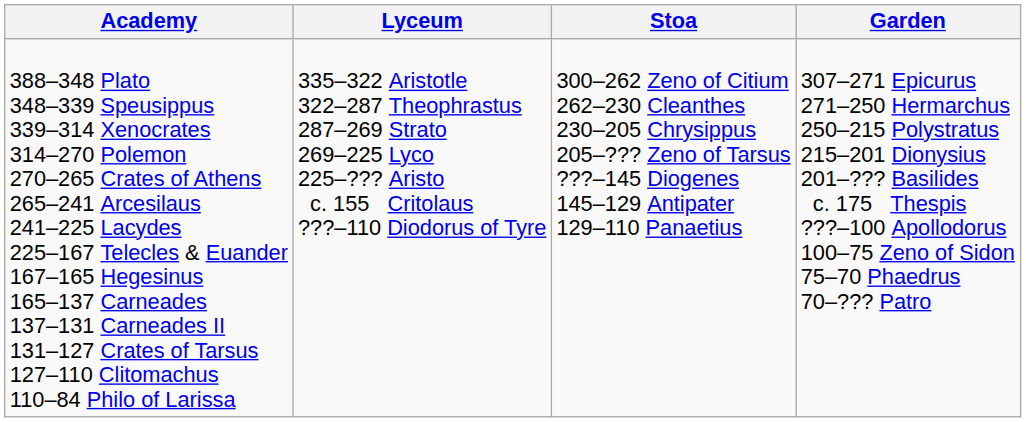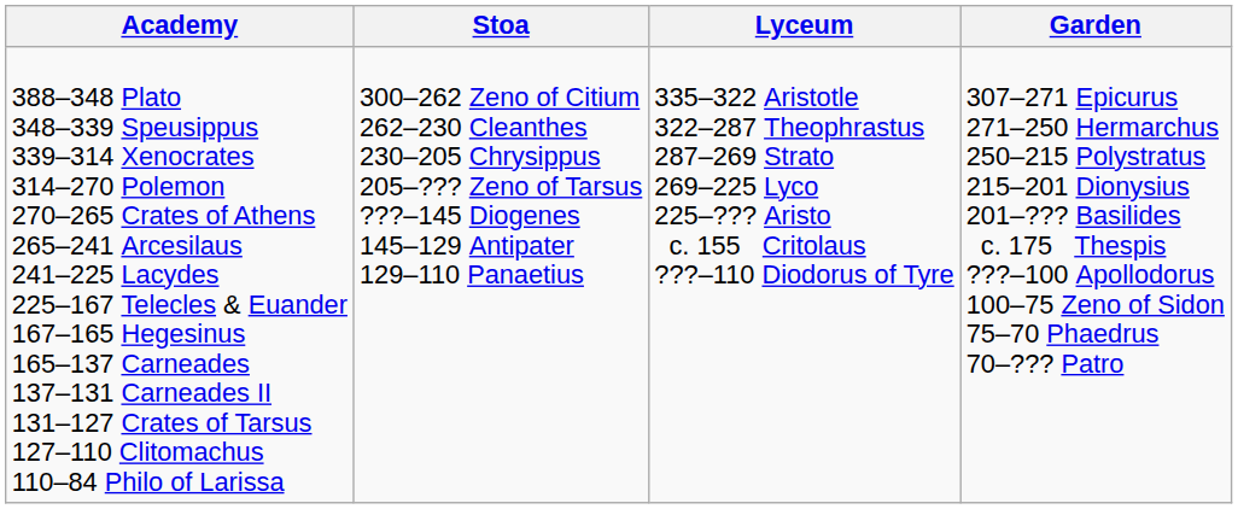 <table class='wikitable'>
 <tr>
 <th><a href='#'>Academy</a></th>
+<th><a href='#'>Stoa</a></th>
 <th><a href='#'>Lyceum</a></th>
-<th><a href='#'>Stoa</a></th>
 <th><a href='#'>Garden</a></th>
 </tr>
 <tr valign='top'>
 <td><br>388–348 <a href='#'>Plato</a><br> 348–339 <a href='#'>Speusippus</a><br> 339–314 <a href='#'>Xenocrates</a><br> 314–270 <a href='#'>Polemon</a><br> 270–265 <a href='#'>Crates of Athens</a><br> 265–241 <a href='#'>Arcesilaus</a><br> 241–225 <a href='#'>Lacydes</a><br> 225–167 <a href='#'>Telecles</a> & <a href='#'>Euander</a><br> 167–165 <a href='#'>Hegesinus</a><br> 165–137 <a href='#'>Carneades</a><br> 137–131 <a href='#'>Carneades II</a> <br> 131–127 <a href='#'>Crates of Tarsus</a><br> 127–110 <a href='#'>Clitomachus</a><br> 110–84 <a href='#'>Philo of Larissa</a></td>
+<td><br>300–262 <a href='#'>Zeno of Citium</a><br> 262–230 <a href='#'>Cleanthes</a><br> 230–205 <a href='#'>Chrysippus</a><br> 205–??? <a href='#'>Zeno of Tarsus</a><br> ???–145 <a href='#'>Diogenes</a><br> 145–129 <a href='#'>Antipater</a><br> 129–110 <a href='#'>Panaetius</a></td>
 <td><br>335–322 <a href='#'>Aristotle</a><br> 322–287 <a href='#'>Theophrastus</a><br> 287–269 <a href='#'>Strato</a><br> 269–225 <a href='#'>Lyco</a><br> 225–??? <a href='#'>Aristo</a><br>   c. 155   <a href='#'>Critolaus</a><br> ???–110 <a href='#'>Diodorus of Tyre</a></td>
-<td><br>300–262 <a href='#'>Zeno of Citium</a><br> 262–230 <a href='#'>Cleanthes</a><br> 230–205 <a href='#'>Chrysippus</a><br> 205–??? <a href='#'>Zeno of Tarsus</a><br> ???–145 <a href='#'>Diogenes</a><br> 145–129 <a href='#'>Antipater</a><br> 129–110 <a href='#'>Panaetius</a></td>
 <td><br>307–271 <a href='#'>Epicurus</a><br> 271–250 <a href='#'>Hermarchus</a><br> 250–215 <a href='#'>Polystratus</a><br> 215–201 <a href='#'>Dionysius</a><br> 201–??? <a href='#'>Basilides</a><br>   c. 175   <a href='#'>Thespis</a><br> ???–100 <a href='#'>Apollodorus</a><br> 100–75 <a href='#'>Zeno of Sidon</a><br> 75–70 <a href='#'>Phaedrus</a><br> 70–??? <a href='#'>Patro</a><br></td>
 </tr>
 </table>
